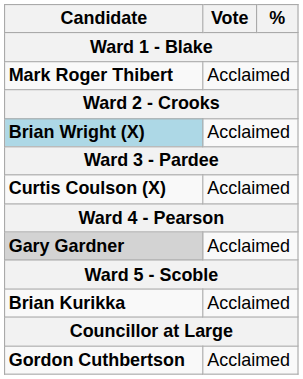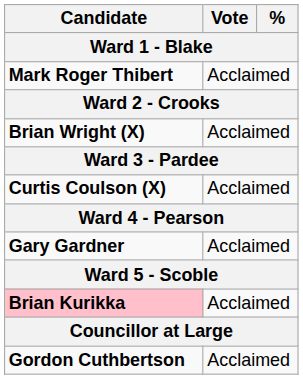 <table class="wikitable">
 <tr>
 <th bgcolor="#DDDDFF" width="170px">Candidate</th>
 <th bgcolor="#DDDDFF" width="40px">Vote</th>
 <th bgcolor="#DDDDFF" width="30px">%</th>
 </tr>
 <tr>
 <th colspan="3">Ward 1 - Blake</th>
 </tr>
 <tr>
 <td><strong>Mark Roger Thibert</strong></td>
 <td colspan="2">Acclaimed</td>
 </tr>
 <tr>
 <th colspan="3">Ward 2 - Crooks</th>
 </tr>
 <tr>
-<td style="background: lightblue;"><strong>Brian Wright (X)</strong></td>
+<td><strong>Brian Wright (X)</strong></td>
 <td colspan="2">Acclaimed</td>
 </tr>
 <tr>
 <th colspan="3">Ward 3 - Pardee</th>
 </tr>
 <tr>
 <td><strong>Curtis Coulson (X)</strong></td>
 <td colspan="2">Acclaimed</td>
 </tr>
 <tr>
 <th colspan="3">Ward 4 - Pearson</th>
 </tr>
 <tr>
-<td style="background: lightgrey;"><strong>Gary Gardner</strong></td>
+<td><strong>Gary Gardner</strong></td>
 <td colspan="2">Acclaimed</td>
 </tr>
 <tr>
 <th colspan="3">Ward 5 - Scoble</th>
 </tr>
 <tr>
-<td><strong>Brian Kurikka</strong></td>
+<td style="background: pink;"><strong>Brian Kurikka</strong></td>
 <td colspan="2">Acclaimed</td>
 </tr>
 <tr>
 <th colspan="3">Councillor at Large</th>
 </tr>
 <tr>
 <td><strong>Gordon Cuthbertson</strong></td>
 <td colspan="2">Acclaimed</td>
 </tr>
 </table>
